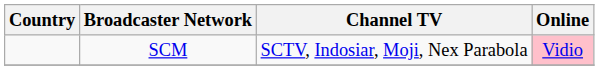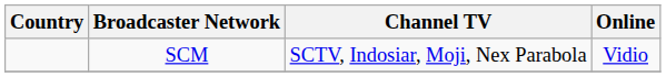 <table class="wikitable" style="font-size:95%; text-align:center;">
 <tr>
 <th>Country</th>
 <th>Broadcaster Network</th>
 <th>Channel TV</th>
 <th>Online</th>
 </tr>
 <tr>
 <td align="left"></td>
 <td><a href='#'>SCM</a></td>
 <td><a href='#'>SCTV</a>, <a href='#'>Indosiar</a>, <a href='#'>Moji</a>, Nex Parabola</td>
-<td style="background: pink;"><a href='#'>Vidio</a></td>
+<td><a href='#'>Vidio</a></td>
 </tr>
 <tr>
 </tr>
 </table>
